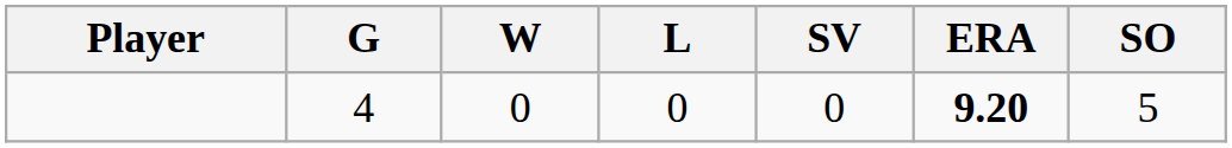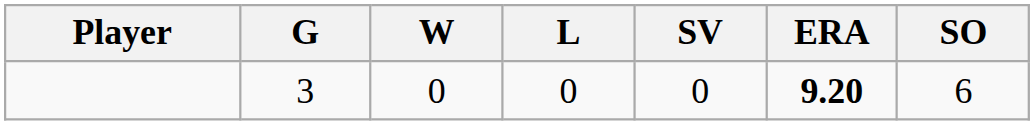 <table class="wikitable sortable">
 <tr>
 <th bgcolor="#DDDDFF" width="16%">Player</th>
 <th bgcolor="#DDDDFF" width="9%">G</th>
 <th bgcolor="#DDDDFF" width="9%">W</th>
 <th bgcolor="#DDDDFF" width="9%">L</th>
 <th bgcolor="#DDDDFF" width="9%">SV</th>
 <th bgcolor="#DDDDFF" width="9%">ERA</th>
 <th bgcolor="#DDDDFF" width="9%">SO</th>
 </tr>
 <tr align="center">
 <td></td>
-<td>4</td>
+<td>3</td>
 <td>0</td>
 <td>0</td>
 <td>0</td>
 <td><strong>9.20</strong></td>
-<td>5</td>
+<td>6</td>
 </tr>
 </table>
